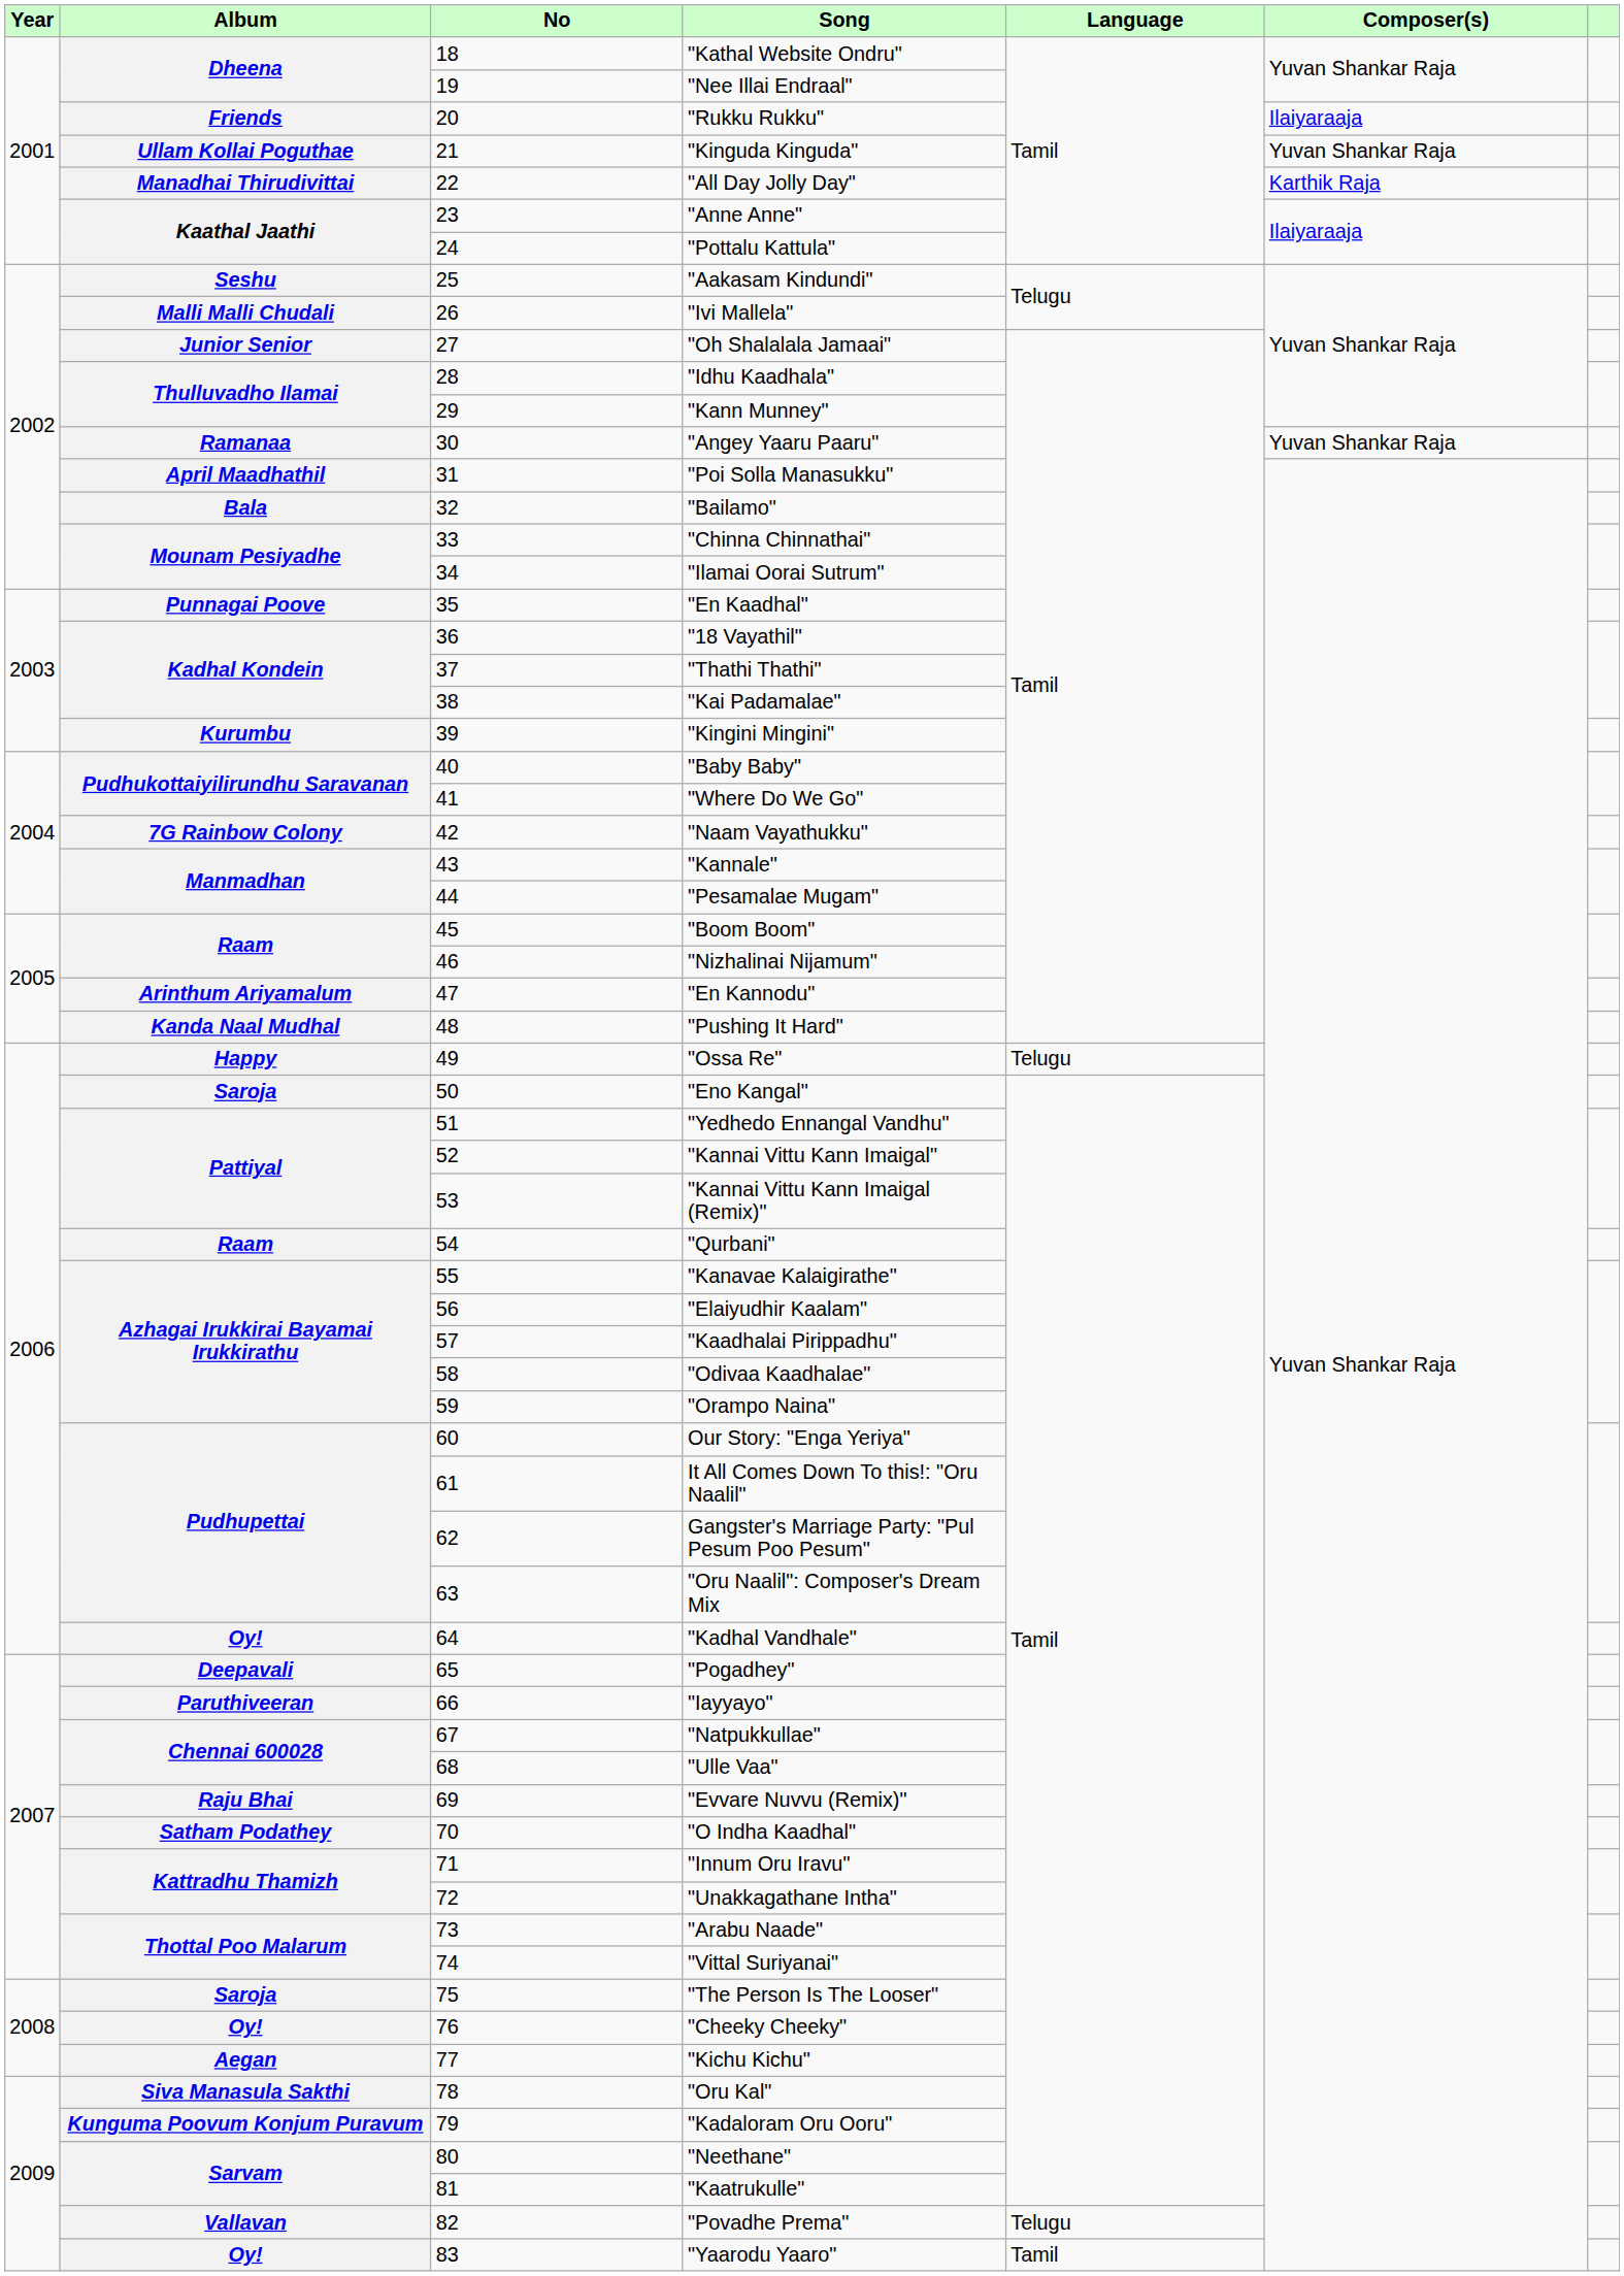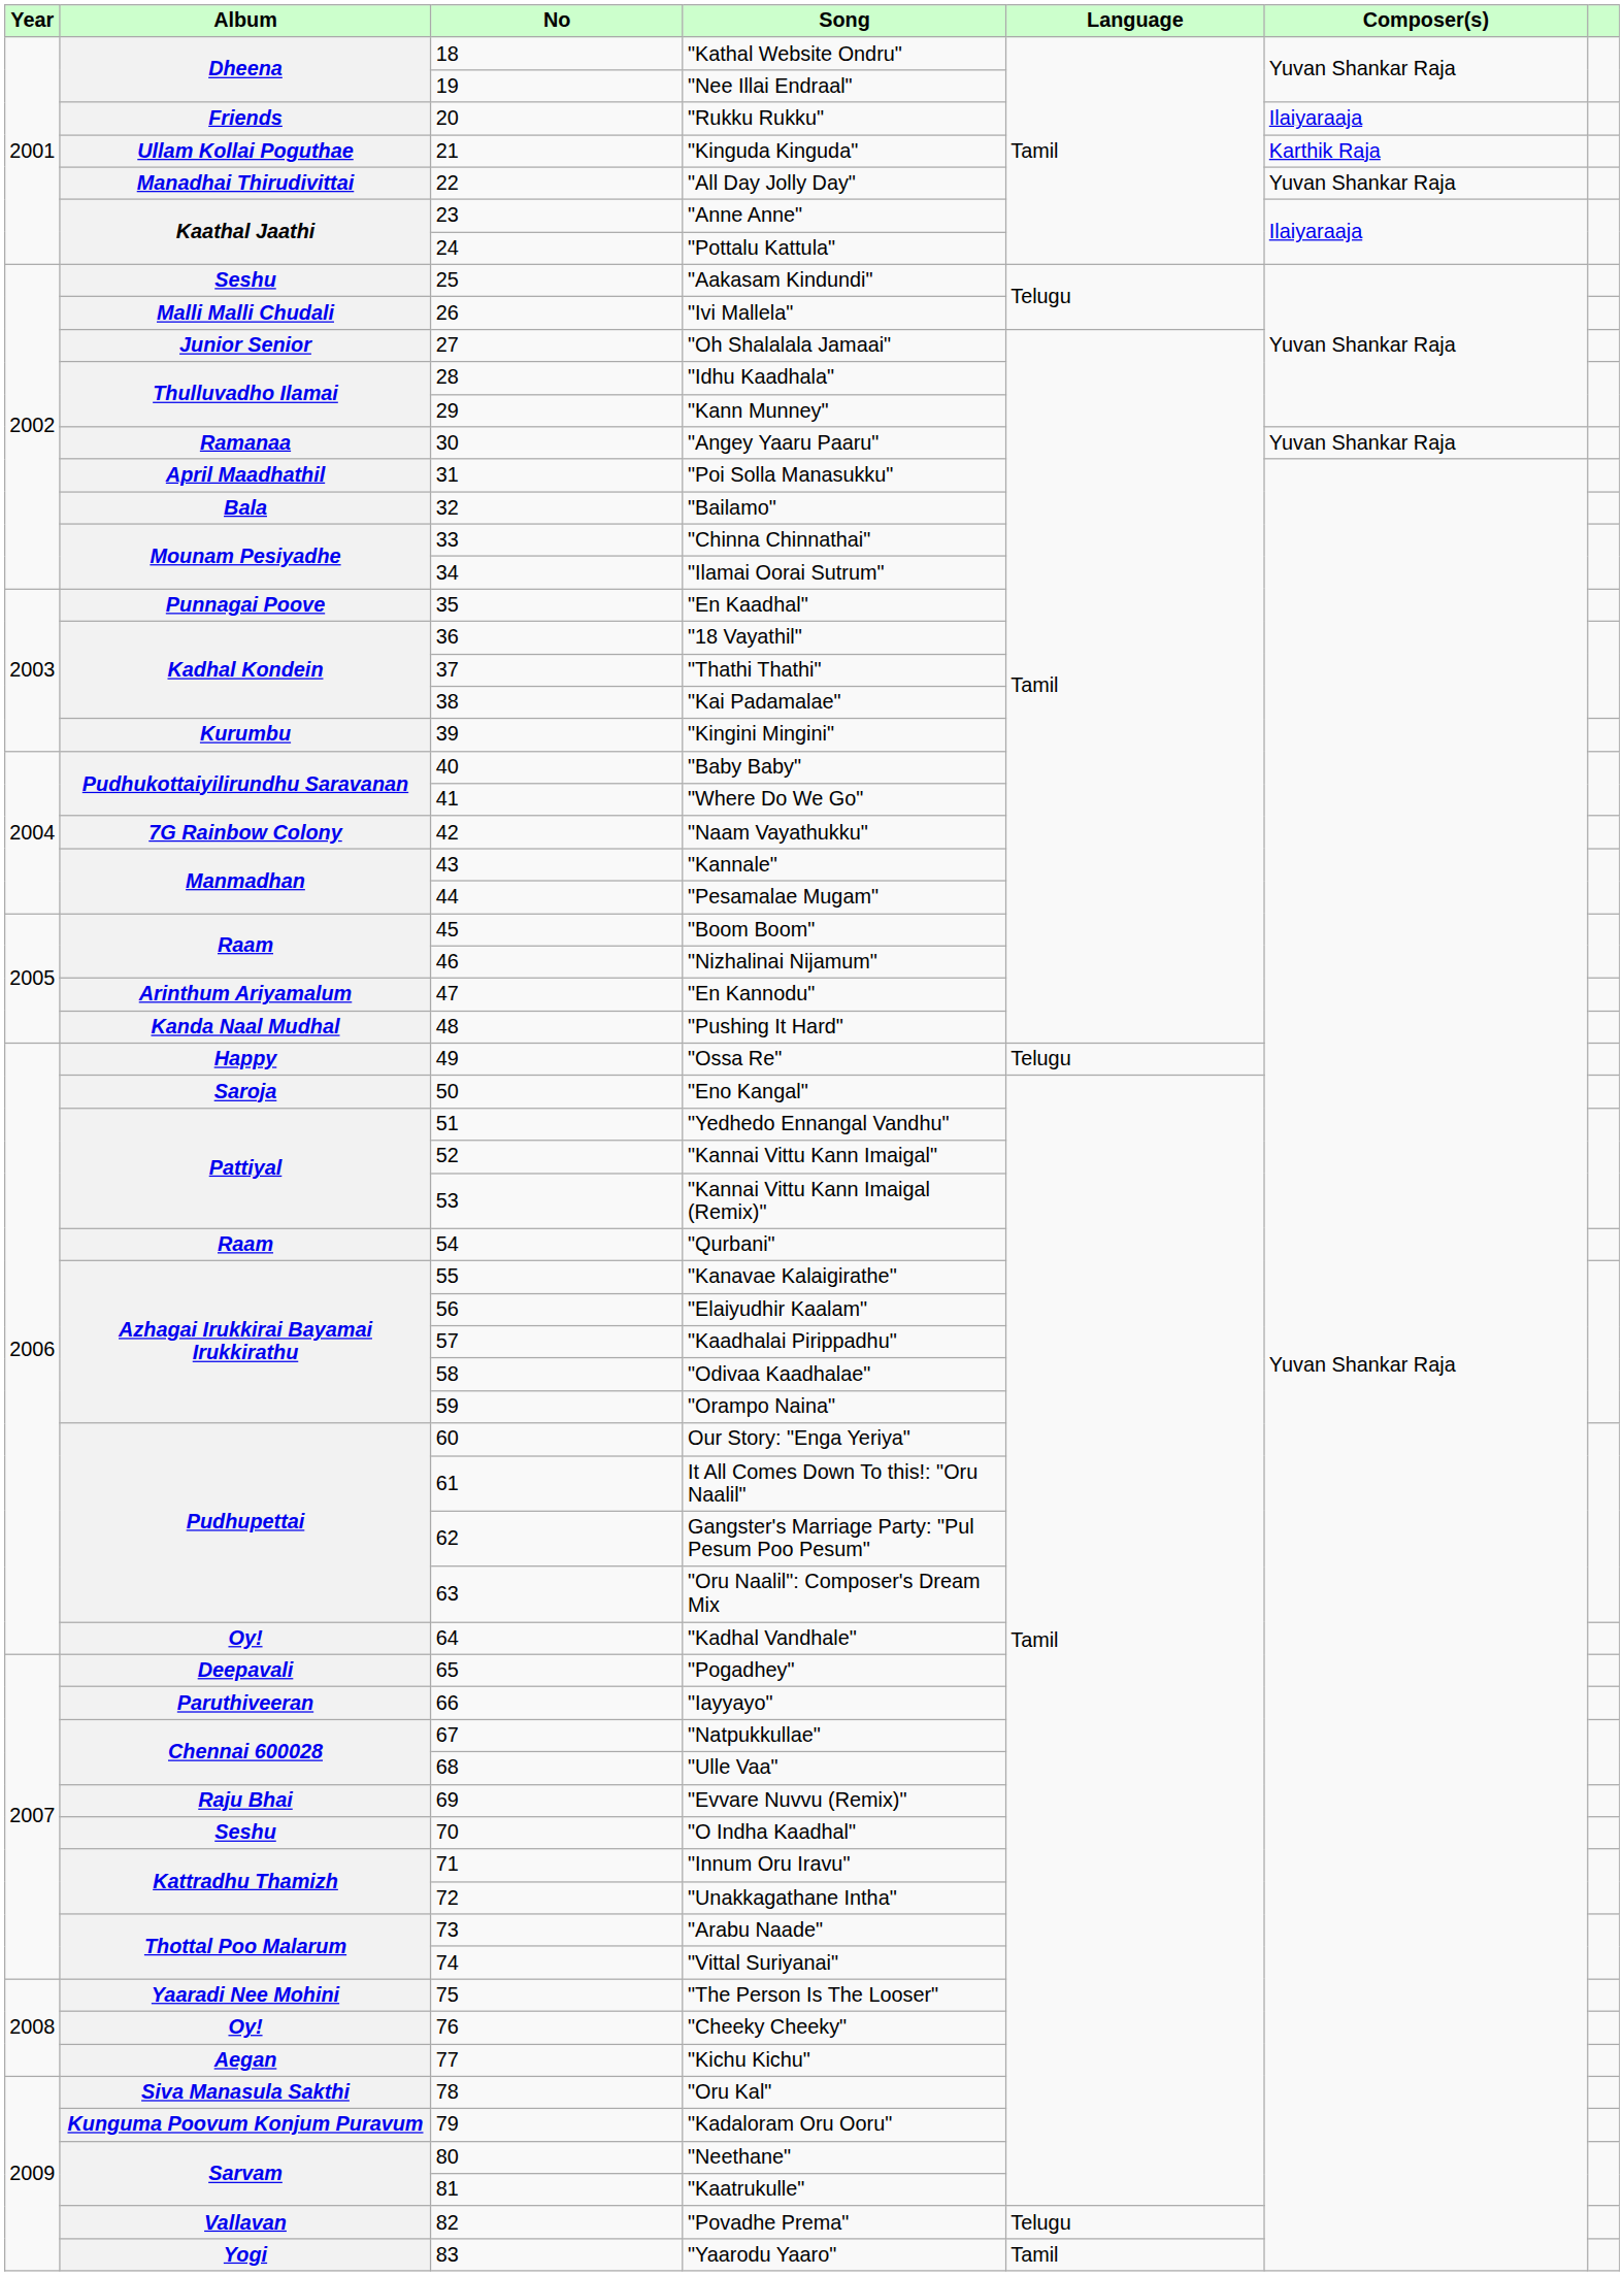 <table class="wikitable plainrowheaders" style="width:100%; textcolor:#000">
 <tr style="background:#cfc; text-align:center;">
 <td scope="col" style="width:2%;"><strong>Year</strong></td>
 <td scope="col" style="width:23%;"><strong>Album</strong></td>
 <td><strong>No</strong></td>
 <td scope="col" style="width:20%;"><strong>Song</strong></td>
 <td scope="col" style="width:16%;"><strong>Language</strong></td>
 <td scope="col" style="width:20%;"><strong>Composer(s)</strong></td>
 <td scope="col" style="width:2%;"><strong></strong></td>
 </tr>
 <tr>
 <td rowspan="7">2001</td>
 <th scope="row"  rowspan="2"><em><a href='#'>Dheena</a></em></th>
 <td>18</td>
 <td>"Kathal Website Ondru"</td>
 <td rowspan="7">Tamil</td>
 <td rowspan="2">Yuvan Shankar Raja</td>
 <td rowspan="2"></td>
 </tr>
 <tr>
 <td>19</td>
 <td>"Nee Illai Endraal"</td>
 </tr>
 <tr>
 <th scope="row"><em><a href='#'>Friends</a></em></th>
 <td>20</td>
 <td>"Rukku Rukku"</td>
 <td><a href='#'>Ilaiyaraaja</a></td>
 <td></td>
 </tr>
 <tr>
 <th scope="row"><em><a href='#'>Ullam Kollai Poguthae</a></em></th>
 <td>21</td>
 <td>"Kinguda Kinguda"</td>
-<td>Yuvan Shankar Raja</td>
+<td><a href='#'>Karthik Raja</a></td>
 <td></td>
 </tr>
 <tr>
 <th scope="row"><em><a href='#'>Manadhai Thirudivittai</a></em></th>
 <td>22</td>
 <td>"All Day Jolly Day"</td>
-<td><a href='#'>Karthik Raja</a></td>
+<td>Yuvan Shankar Raja</td>
 <td></td>
 </tr>
 <tr>
 <th scope="row"  rowspan="2"><em>Kaathal Jaathi</em></th>
 <td>23</td>
 <td>"Anne Anne"</td>
 <td rowspan="2"><a href='#'>Ilaiyaraaja</a></td>
 <td rowspan="2"></td>
 </tr>
 <tr>
 <td>24</td>
 <td>"Pottalu Kattula"</td>
 </tr>
 <tr>
 <td rowspan="10">2002</td>
 <th scope="row"><em><a href='#'>Seshu</a></em></th>
 <td>25</td>
 <td>"Aakasam Kindundi"</td>
 <td rowspan="2">Telugu</td>
 <td rowspan="5">Yuvan Shankar Raja</td>
 <td></td>
 </tr>
 <tr>
 <th scope="row"><em><a href='#'>Malli Malli Chudali</a></em></th>
 <td>26</td>
 <td>"Ivi Mallela"</td>
 <td></td>
 </tr>
 <tr>
 <th scope="row"><em><a href='#'>Junior Senior</a></em></th>
 <td>27</td>
 <td>"Oh Shalalala Jamaai"</td>
 <td rowspan="22">Tamil</td>
 <td></td>
 </tr>
 <tr>
 <th scope="row" rowspan="2"><em><a href='#'>Thulluvadho Ilamai</a></em></th>
 <td>28</td>
 <td>"Idhu Kaadhala"</td>
 <td rowspan="2"></td>
 </tr>
 <tr>
 <td>29</td>
 <td>"Kann Munney"</td>
 </tr>
 <tr>
 <th scope="row"><em><a href='#'>Ramanaa</a></em></th>
 <td>30</td>
 <td>"Angey Yaaru Paaru"</td>
 <td>Yuvan Shankar Raja</td>
 <td></td>
 </tr>
 <tr>
 <th scope="row"><em><a href='#'>April Maadhathil</a></em></th>
 <td>31</td>
 <td>"Poi Solla Manasukku"</td>
 <td rowspan="53">Yuvan Shankar Raja</td>
 <td></td>
 </tr>
 <tr>
 <th scope="row"><em><a href='#'>Bala</a></em></th>
 <td>32</td>
 <td>"Bailamo"</td>
 <td></td>
 </tr>
 <tr>
 <th scope="row"  rowspan="2"><em><a href='#'>Mounam Pesiyadhe</a></em></th>
 <td>33</td>
 <td>"Chinna Chinnathai"</td>
 <td rowspan="2"></td>
 </tr>
 <tr>
 <td>34</td>
 <td>"Ilamai Oorai Sutrum"</td>
 </tr>
 <tr>
 <td rowspan="5">2003</td>
 <th scope="row"><em><a href='#'>Punnagai Poove</a></em></th>
 <td>35</td>
 <td>"En Kaadhal"</td>
 <td></td>
 </tr>
 <tr>
 <th scope="row" rowspan="3"><em><a href='#'>Kadhal Kondein</a></em></th>
 <td>36</td>
 <td>"18 Vayathil"</td>
 <td rowspan="3"></td>
 </tr>
 <tr>
 <td>37</td>
 <td>"Thathi Thathi"</td>
 </tr>
 <tr>
 <td>38</td>
 <td>"Kai Padamalae"</td>
 </tr>
 <tr>
 <th scope="row"><em><a href='#'>Kurumbu</a></em></th>
 <td>39</td>
 <td>"Kingini Mingini"</td>
 <td></td>
 </tr>
 <tr>
 <td rowspan="5">2004</td>
 <th scope="row"  rowspan="2"><em><a href='#'>Pudhukottaiyilirundhu Saravanan</a></em></th>
 <td>40</td>
 <td>"Baby Baby"</td>
 <td rowspan="2"></td>
 </tr>
 <tr>
 <td>41</td>
 <td>"Where Do We Go"</td>
 </tr>
 <tr>
 <th scope="row"><em><a href='#'>7G Rainbow Colony</a></em></th>
 <td>42</td>
 <td>"Naam Vayathukku"</td>
 <td></td>
 </tr>
 <tr>
 <th scope="row"  rowspan="2"><em><a href='#'>Manmadhan</a></em></th>
 <td>43</td>
 <td>"Kannale"</td>
 <td rowspan="2"></td>
 </tr>
 <tr>
 <td>44</td>
 <td>"Pesamalae Mugam"</td>
 </tr>
 <tr>
 <td rowspan="4">2005</td>
 <th scope="row" rowspan="2"><em><a href='#'>Raam</a></em></th>
 <td>45</td>
 <td>"Boom Boom"</td>
 <td rowspan="2"></td>
 </tr>
 <tr>
 <td>46</td>
 <td>"Nizhalinai Nijamum"</td>
 </tr>
 <tr>
 <th scope="row"><em><a href='#'>Arinthum Ariyamalum</a></em></th>
 <td>47</td>
 <td>"En Kannodu"</td>
 <td></td>
 </tr>
 <tr>
 <th scope="row"><em><a href='#'>Kanda Naal Mudhal</a></em></th>
 <td>48</td>
 <td>"Pushing It Hard"</td>
 <td></td>
 </tr>
 <tr>
 <td rowspan="16">2006</td>
 <th scope="row"><em><a href='#'>Happy</a></em></th>
 <td>49</td>
 <td>"Ossa Re"</td>
 <td>Telugu</td>
 <td></td>
 </tr>
 <tr>
 <th scope="row"><em><a href='#'>Saroja</a></em></th>
 <td>50</td>
 <td>"Eno Kangal"</td>
 <td rowspan="32">Tamil</td>
 <td></td>
 </tr>
 <tr>
 <th scope="row"  rowspan="3"><em><a href='#'>Pattiyal</a></em></th>
 <td>51</td>
 <td>"Yedhedo Ennangal Vandhu"</td>
 <td rowspan="3"></td>
 </tr>
 <tr>
 <td>52</td>
 <td>"Kannai Vittu Kann Imaigal"</td>
 </tr>
 <tr>
 <td>53</td>
 <td>"Kannai Vittu Kann Imaigal (Remix)"</td>
 </tr>
 <tr>
 <th scope="row"><em><a href='#'>Raam</a></em></th>
 <td>54</td>
 <td>"Qurbani"</td>
 <td></td>
 </tr>
 <tr>
 <th scope="row" rowspan="5"><em><a href='#'>Azhagai Irukkirai Bayamai Irukkirathu</a></em></th>
 <td>55</td>
 <td>"Kanavae Kalaigirathe"</td>
 <td rowspan="5"></td>
 </tr>
 <tr>
 <td>56</td>
 <td>"Elaiyudhir Kaalam"</td>
 </tr>
 <tr>
 <td>57</td>
 <td>"Kaadhalai Pirippadhu"</td>
 </tr>
 <tr>
 <td>58</td>
 <td>"Odivaa Kaadhalae"</td>
 </tr>
 <tr>
 <td>59</td>
 <td>"Orampo Naina"</td>
 </tr>
 <tr>
 <th scope="row"  rowspan="4"><em><a href='#'>Pudhupettai</a></em></th>
 <td>60</td>
 <td>Our Story: "Enga Yeriya"</td>
 <td rowspan="4"></td>
 </tr>
 <tr>
 <td>61</td>
 <td>It All Comes Down To this!: "Oru Naalil"</td>
 </tr>
 <tr>
 <td>62</td>
 <td>Gangster's Marriage Party: "Pul Pesum Poo Pesum"</td>
 </tr>
 <tr>
 <td>63</td>
 <td>"Oru Naalil": Composer's Dream Mix</td>
 </tr>
 <tr>
 <th scope="row"><em><a href='#'>Oy!</a></em></th>
 <td>64</td>
 <td>"Kadhal Vandhale"</td>
 <td></td>
 </tr>
 <tr>
 <td rowspan="10">2007</td>
 <th scope="row"><em><a href='#'>Deepavali</a></em></th>
 <td>65</td>
 <td>"Pogadhey"</td>
 <td></td>
 </tr>
 <tr>
 <th scope="row"><em><a href='#'>Paruthiveeran</a></em></th>
 <td>66</td>
 <td>"Iayyayo"</td>
 <td></td>
 </tr>
 <tr>
 <th scope="row"  rowspan="2"><em><a href='#'>Chennai 600028</a></em></th>
 <td>67</td>
 <td>"Natpukkullae"</td>
 <td rowspan="2"></td>
 </tr>
 <tr>
 <td>68</td>
 <td>"Ulle Vaa"</td>
 </tr>
 <tr>
 <th scope="row"><em><a href='#'>Raju Bhai</a></em></th>
 <td>69</td>
 <td>"Evvare Nuvvu (Remix)"</td>
 <td></td>
 </tr>
 <tr>
-<th scope="row"><em><a href='#'>Satham Podathey</a></em></th>
+<th scope="row"><em><a href='#'>Seshu</a></em></th>
 <td>70</td>
 <td>"O Indha Kaadhal"</td>
 <td></td>
 </tr>
 <tr>
 <th scope="row"  rowspan="2"><em><a href='#'>Kattradhu Thamizh</a></em></th>
 <td>71</td>
 <td>"Innum Oru Iravu"</td>
 <td rowspan="2"></td>
 </tr>
 <tr>
 <td>72</td>
 <td>"Unakkagathane Intha"</td>
 </tr>
 <tr>
 <th scope="row" rowspan="2"><em><a href='#'>Thottal Poo Malarum</a></em></th>
 <td>73</td>
 <td>"Arabu Naade"</td>
 <td rowspan="2"></td>
 </tr>
 <tr>
 <td>74</td>
 <td>"Vittal Suriyanai"</td>
 </tr>
 <tr>
 <td rowspan="3">2008</td>
-<th scope="row"><em><a href='#'>Saroja</a></em></th>
+<th scope="row"><em><a href='#'>Yaaradi Nee Mohini</a></em></th>
 <td>75</td>
 <td>"The Person Is The Looser"</td>
 <td></td>
 </tr>
 <tr>
 <th scope="row"><em><a href='#'>Oy!</a></em></th>
 <td>76</td>
 <td>"Cheeky Cheeky"</td>
 <td></td>
 </tr>
 <tr>
 <th scope="row"><em><a href='#'>Aegan</a></em></th>
 <td>77</td>
 <td>"Kichu Kichu"</td>
 <td></td>
 </tr>
 <tr>
 <td rowspan="6">2009</td>
 <th scope="row"><em><a href='#'>Siva Manasula Sakthi</a></em></th>
 <td>78</td>
 <td>"Oru Kal"</td>
 <td></td>
 </tr>
 <tr>
 <th scope="row"><em><a href='#'>Kunguma Poovum Konjum Puravum</a></em></th>
 <td>79</td>
 <td>"Kadaloram Oru Ooru"</td>
 <td></td>
 </tr>
 <tr>
 <th scope="row"  rowspan="2"><em><a href='#'>Sarvam</a></em></th>
 <td>80</td>
 <td>"Neethane"</td>
 <td rowspan="2"></td>
 </tr>
 <tr>
 <td>81</td>
 <td>"Kaatrukulle"</td>
 </tr>
 <tr>
 <th scope="row"><em><a href='#'>Vallavan</a></em></th>
 <td>82</td>
 <td>"Povadhe Prema"</td>
 <td>Telugu</td>
 <td></td>
 </tr>
 <tr>
-<th scope="row"><em><a href='#'>Oy!</a></em></th>
+<th scope="row"><em><a href='#'>Yogi</a></em></th>
 <td>83</td>
 <td>"Yaarodu Yaaro"</td>
 <td>Tamil</td>
 <td></td>
 </tr>
 </table>
